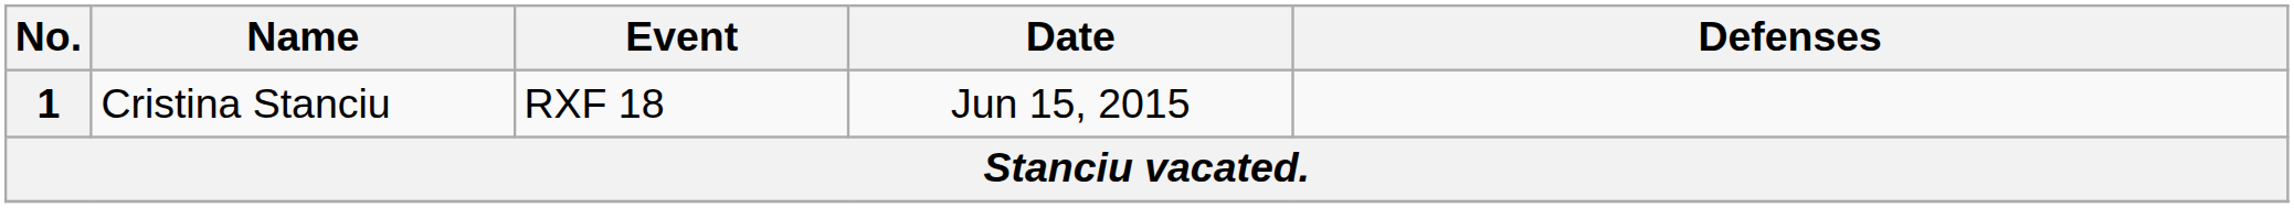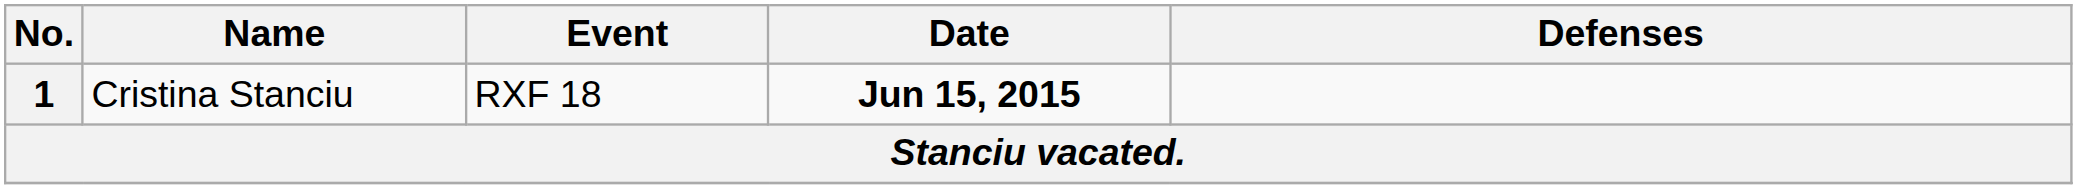 <table class="wikitable" width=100%>
 <tr>
 <th width=1%>No.</th>
 <th width=19%>Name</th>
 <th width=15%>Event</th>
 <th width=20%>Date</th>
 <th width=45%>Defenses</th>
 </tr>
 <tr>
 <th>1</th>
 <td> Cristina Stanciu <br></td>
 <td>RXF 18 <br></td>
-<td align=center>Jun 15, 2015</td>
+<td align=center><strong>Jun 15, 2015</strong></td>
 <td></td>
 </tr>
 <tr>
 <th colspan=5 align=center><em>Stanciu vacated.</em></th>
 </tr>
 <tr>
 </tr>
 </table>
